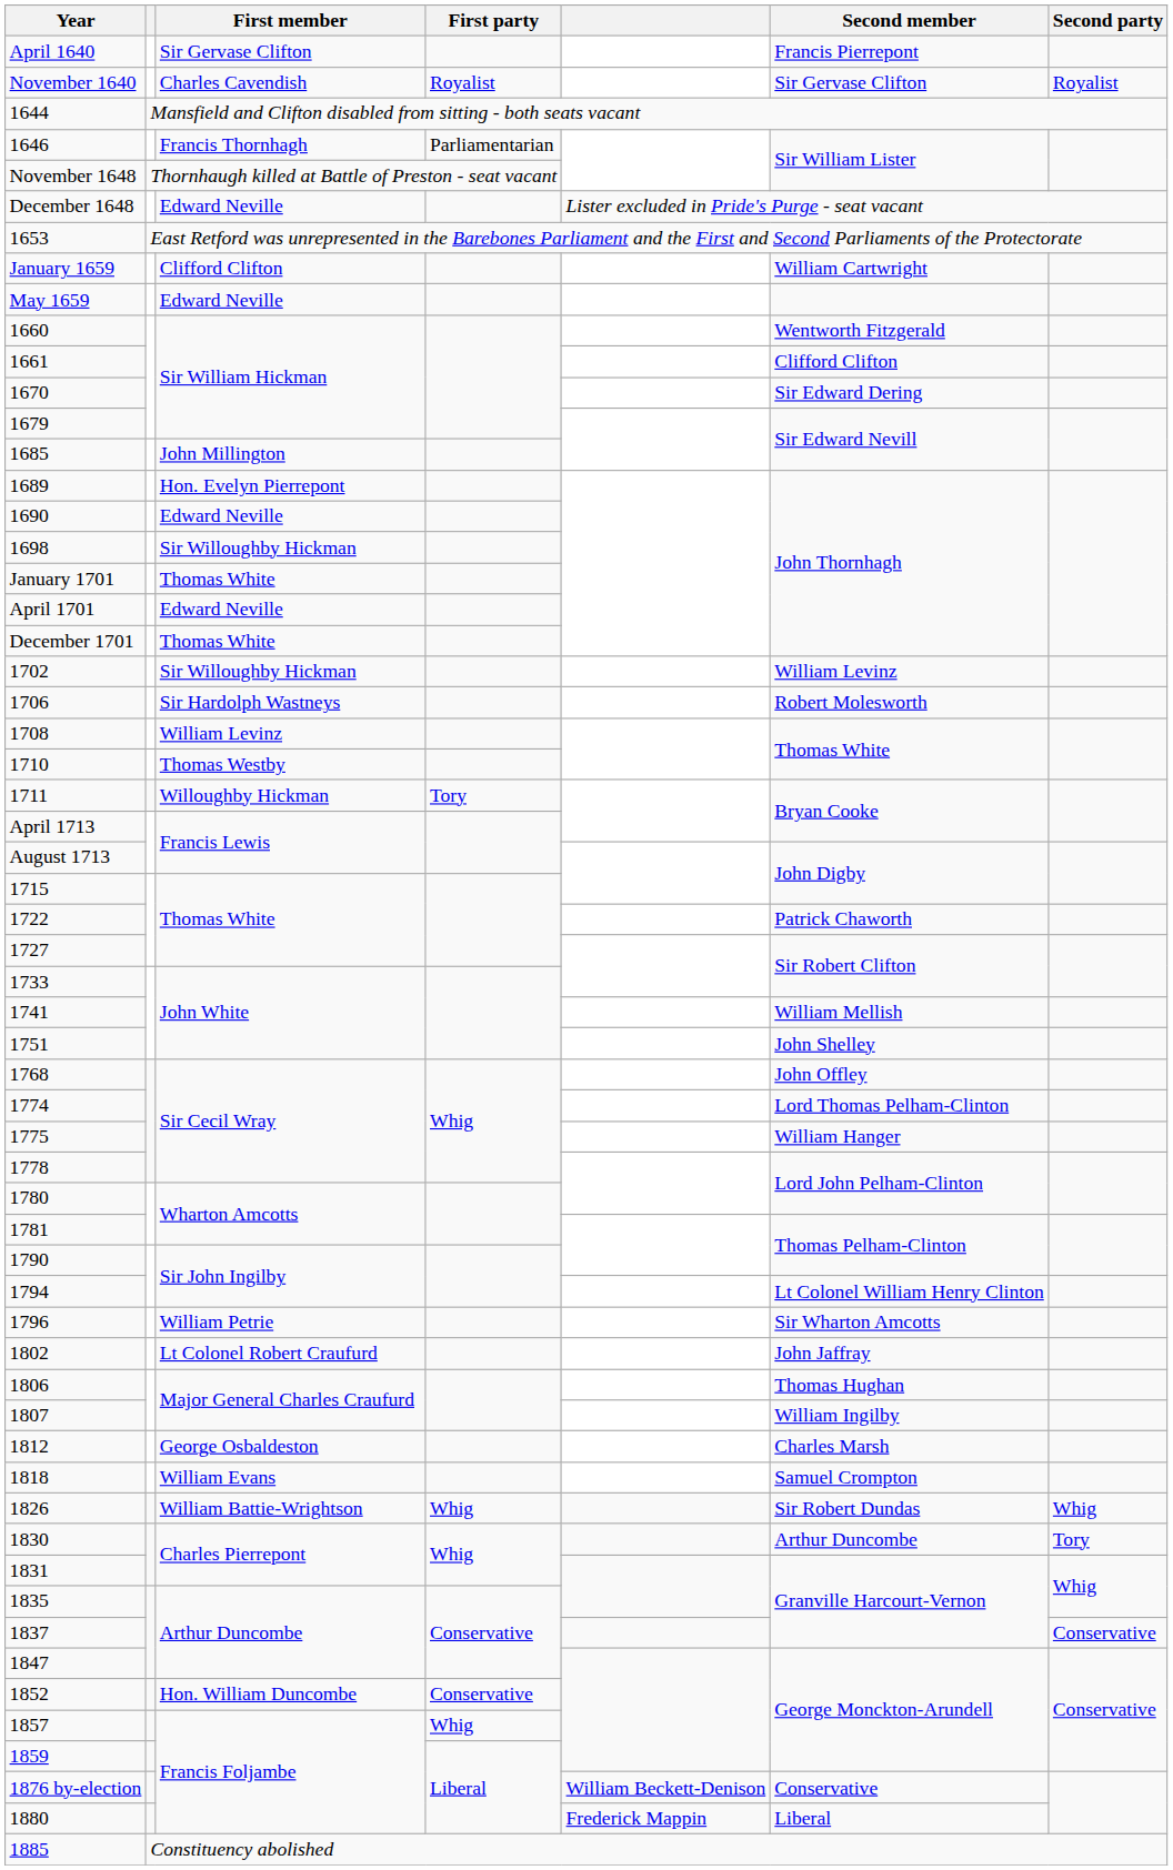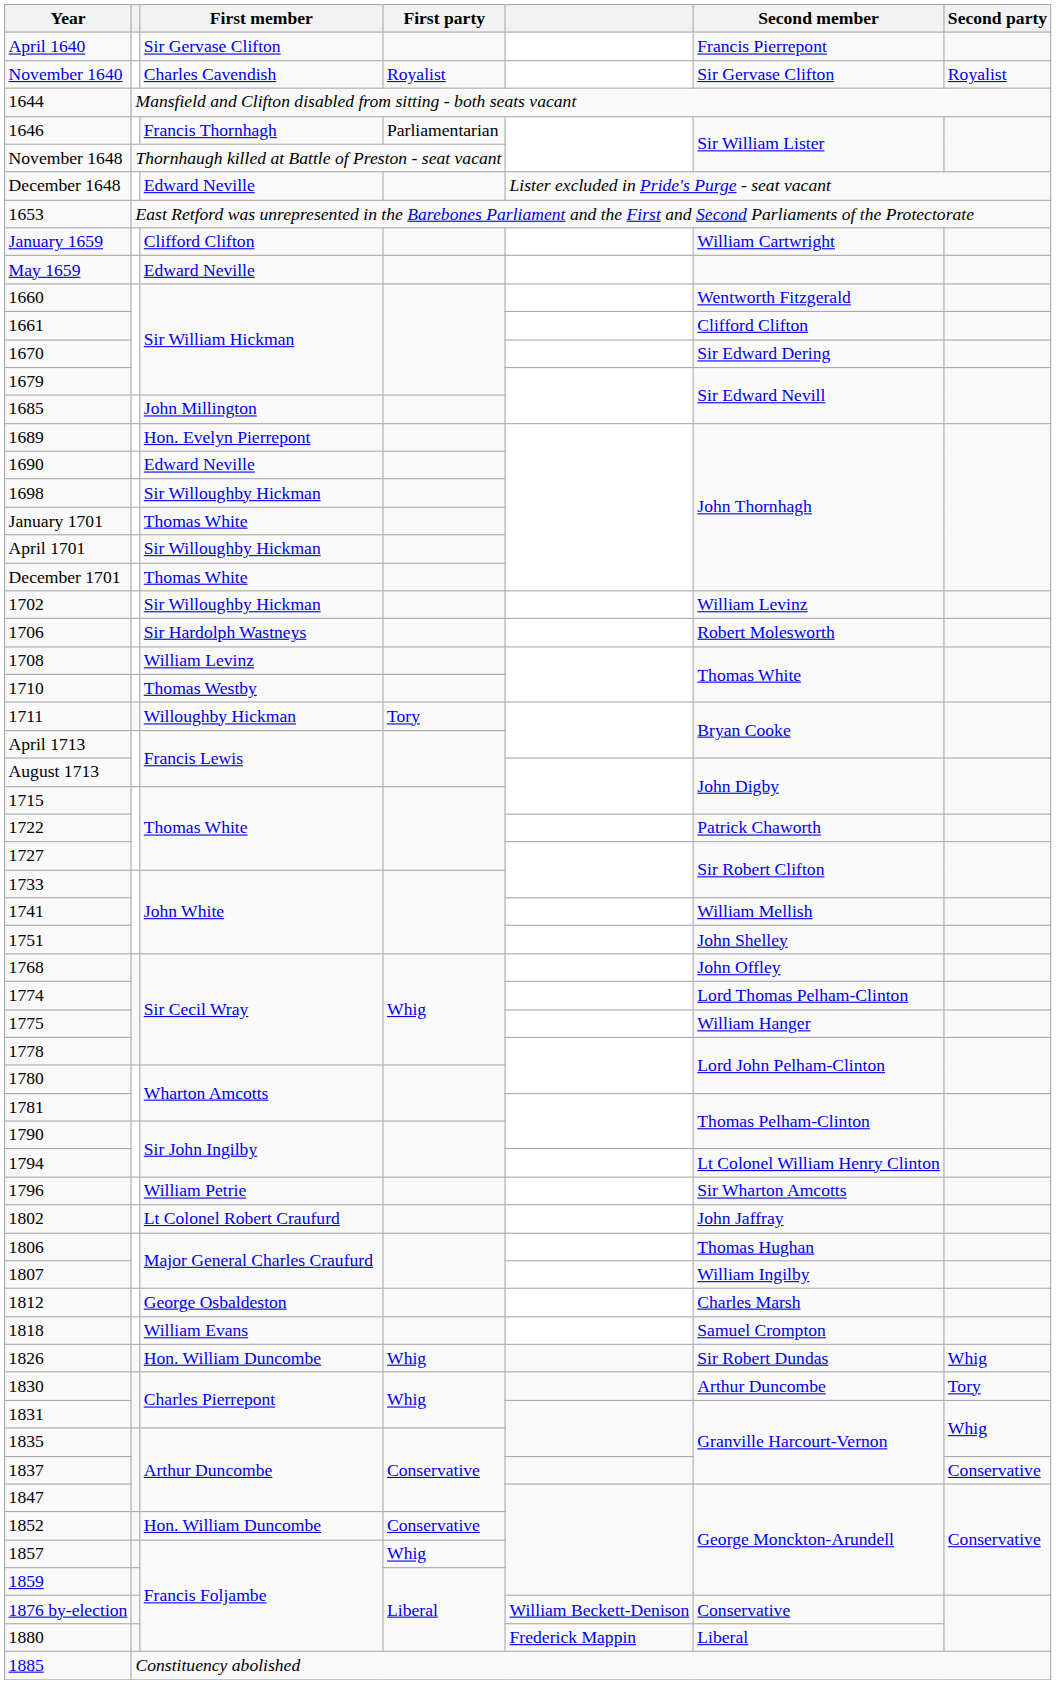 <table class="wikitable">
 <tr>
 <th>Year</th>
 <th></th>
 <th>First member</th>
 <th>First party</th>
 <th></th>
 <th>Second member</th>
 <th>Second party</th>
 </tr>
 <tr>
 <td><a href='#'>April 1640</a></td>
 <td style="color:inherit;background-color: white"></td>
 <td><a href='#'>Sir Gervase Clifton</a></td>
 <td></td>
 <td style="color:inherit;background-color: white"></td>
 <td><a href='#'>Francis Pierrepont</a></td>
 <td></td>
 </tr>
 <tr>
 <td><a href='#'>November 1640</a></td>
 <td style="color:inherit;background-color: white"></td>
 <td><a href='#'>Charles Cavendish</a></td>
 <td><a href='#'>Royalist</a></td>
 <td style="color:inherit;background-color: white"></td>
 <td><a href='#'>Sir Gervase Clifton</a></td>
 <td><a href='#'>Royalist</a></td>
 </tr>
 <tr>
 <td>1644</td>
 <td colspan="6"><em>Mansfield and Clifton disabled from sitting - both seats vacant</em></td>
 </tr>
 <tr>
 <td>1646</td>
 <td style="color:inherit;background-color: white"></td>
 <td><a href='#'>Francis Thornhagh</a></td>
 <td>Parliamentarian</td>
 <td rowspan="2" style="color:inherit;background-color: white"></td>
 <td rowspan="2"><a href='#'>Sir William Lister</a></td>
 <td rowspan="2"></td>
 </tr>
 <tr>
 <td>November 1648</td>
 <td colspan="3"><em>Thornhaugh killed at Battle of Preston - seat vacant</em></td>
 </tr>
 <tr>
 <td>December 1648</td>
 <td style="color:inherit;background-color: white"></td>
 <td><a href='#'>Edward Neville</a></td>
 <td></td>
 <td colspan="3"><em>Lister excluded in <a href='#'>Pride's Purge</a> - seat vacant</em></td>
 </tr>
 <tr>
 <td>1653</td>
 <td colspan="6"><em>East Retford was unrepresented in the <a href='#'>Barebones Parliament</a> and the <a href='#'>First</a> and <a href='#'>Second</a> Parliaments of the Protectorate</em></td>
 </tr>
 <tr>
 <td><a href='#'>January 1659</a></td>
 <td style="color:inherit;background-color: white"></td>
 <td><a href='#'>Clifford Clifton</a></td>
 <td></td>
 <td style="color:inherit;background-color: white"></td>
 <td><a href='#'>William Cartwright</a></td>
 <td></td>
 </tr>
 <tr>
 <td><a href='#'>May 1659</a></td>
 <td style="color:inherit;background-color: white"></td>
 <td><a href='#'>Edward Neville</a></td>
 <td></td>
 <td style="color:inherit;background-color: white"></td>
 <td></td>
 <td></td>
 </tr>
 <tr>
 <td>1660</td>
 <td rowspan="4" style="color:inherit;background-color: white"></td>
 <td rowspan="4"><a href='#'>Sir William Hickman</a></td>
 <td rowspan="4"></td>
 <td style="color:inherit;background-color: white"></td>
 <td><a href='#'>Wentworth Fitzgerald</a></td>
 <td></td>
 </tr>
 <tr>
 <td>1661</td>
 <td style="color:inherit;background-color: white"></td>
 <td><a href='#'>Clifford Clifton</a></td>
 <td></td>
 </tr>
 <tr>
 <td>1670</td>
 <td style="color:inherit;background-color: white"></td>
 <td><a href='#'>Sir Edward Dering</a></td>
 <td></td>
 </tr>
 <tr>
 <td>1679</td>
 <td rowspan="2"  style="color:inherit;background-color: white"></td>
 <td rowspan="2"><a href='#'>Sir Edward Nevill</a></td>
 <td rowspan="2"></td>
 </tr>
 <tr>
 <td>1685</td>
 <td style="color:inherit;background-color: white"></td>
 <td><a href='#'>John Millington</a></td>
 <td></td>
 </tr>
 <tr>
 <td>1689</td>
 <td style="color:inherit;background-color: white"></td>
 <td><a href='#'>Hon. Evelyn Pierrepont</a></td>
 <td></td>
 <td rowspan="6" style="color:inherit;background-color: white"></td>
 <td rowspan="6"><a href='#'>John Thornhagh</a></td>
 <td rowspan="6"></td>
 </tr>
 <tr>
 <td>1690</td>
 <td style="color:inherit;background-color: white"></td>
 <td><a href='#'>Edward Neville</a></td>
 <td></td>
 </tr>
 <tr>
 <td>1698</td>
 <td style="color:inherit;background-color: white"></td>
 <td><a href='#'>Sir Willoughby Hickman</a></td>
 <td></td>
 </tr>
 <tr>
 <td>January 1701</td>
 <td style="color:inherit;background-color: white"></td>
 <td><a href='#'>Thomas White</a></td>
 <td></td>
 </tr>
 <tr>
 <td>April 1701</td>
 <td style="color:inherit;background-color: white"></td>
-<td><a href='#'>Edward Neville</a></td>
+<td><a href='#'>Sir Willoughby Hickman</a></td>
 <td></td>
 </tr>
 <tr>
 <td>December 1701</td>
 <td style="color:inherit;background-color: white"></td>
 <td><a href='#'>Thomas White</a></td>
 <td></td>
 </tr>
 <tr>
 <td>1702</td>
 <td style="color:inherit;background-color: white"></td>
 <td><a href='#'>Sir Willoughby Hickman</a></td>
 <td></td>
 <td style="color:inherit;background-color: white"></td>
 <td><a href='#'>William Levinz</a></td>
 <td></td>
 </tr>
 <tr>
 <td>1706</td>
 <td style="color:inherit;background-color: white"></td>
 <td><a href='#'>Sir Hardolph Wastneys</a></td>
 <td></td>
 <td style="color:inherit;background-color: white"></td>
 <td><a href='#'>Robert Molesworth</a></td>
 <td></td>
 </tr>
 <tr>
 <td>1708</td>
 <td style="color:inherit;background-color: white"></td>
 <td><a href='#'>William Levinz</a></td>
 <td></td>
 <td rowspan="2" style="color:inherit;background-color: white"></td>
 <td rowspan="2"><a href='#'>Thomas White</a></td>
 <td rowspan="2"></td>
 </tr>
 <tr>
 <td>1710 </td>
 <td style="color:inherit;background-color: white"></td>
 <td><a href='#'>Thomas Westby</a></td>
 <td></td>
 </tr>
 <tr>
 <td>1711</td>
 <td style="color:inherit;background-color: "></td>
 <td><a href='#'>Willoughby Hickman</a></td>
 <td><a href='#'>Tory</a></td>
 <td rowspan="2" style="color:inherit;background-color: white"></td>
 <td rowspan="2"><a href='#'>Bryan Cooke</a></td>
 <td rowspan="2"></td>
 </tr>
 <tr>
 <td>April 1713</td>
 <td rowspan="2" style="color:inherit;background-color: white"></td>
 <td rowspan="2"><a href='#'>Francis Lewis</a></td>
 <td rowspan="2"></td>
 </tr>
 <tr>
 <td>August 1713</td>
 <td rowspan="2" style="color:inherit;background-color: white"></td>
 <td rowspan="2"><a href='#'>John Digby</a></td>
 <td rowspan="2"></td>
 </tr>
 <tr>
 <td>1715</td>
 <td rowspan="3" style="color:inherit;background-color: white"></td>
 <td rowspan="3"><a href='#'>Thomas White</a></td>
 <td rowspan="3"></td>
 </tr>
 <tr>
 <td>1722</td>
 <td style="color:inherit;background-color: white"></td>
 <td><a href='#'>Patrick Chaworth</a></td>
 <td></td>
 </tr>
 <tr>
 <td>1727</td>
 <td rowspan="2" style="color:inherit;background-color: white"></td>
 <td rowspan="2"><a href='#'>Sir Robert Clifton</a></td>
 <td rowspan="2"></td>
 </tr>
 <tr>
 <td>1733</td>
 <td rowspan="3" style="color:inherit;background-color: white"></td>
 <td rowspan="3"><a href='#'>John White</a></td>
 <td rowspan="3"></td>
 </tr>
 <tr>
 <td>1741</td>
 <td style="color:inherit;background-color: white"></td>
 <td><a href='#'>William Mellish</a></td>
 <td></td>
 </tr>
 <tr>
 <td>1751</td>
 <td style="color:inherit;background-color: white"></td>
 <td><a href='#'>John Shelley</a></td>
 <td></td>
 </tr>
 <tr>
 <td>1768</td>
 <td rowspan="4" style="color:inherit;background-color: "></td>
 <td rowspan="4"><a href='#'>Sir Cecil Wray</a></td>
 <td rowspan="4"><a href='#'>Whig</a></td>
 <td style="color:inherit;background-color: white"></td>
 <td><a href='#'>John Offley</a></td>
 <td></td>
 </tr>
 <tr>
 <td>1774</td>
 <td style="color:inherit;background-color: white"></td>
 <td><a href='#'>Lord Thomas Pelham-Clinton</a></td>
 <td></td>
 </tr>
 <tr>
 <td>1775</td>
 <td style="color:inherit;background-color: white"></td>
 <td><a href='#'>William Hanger</a></td>
 <td></td>
 </tr>
 <tr>
 <td>1778</td>
 <td rowspan="2" style="color:inherit;background-color: white"></td>
 <td rowspan="2"><a href='#'>Lord John Pelham-Clinton</a></td>
 <td rowspan="2"></td>
 </tr>
 <tr>
 <td>1780</td>
 <td rowspan="2" style="color:inherit;background-color: white"></td>
 <td rowspan="2"><a href='#'>Wharton Amcotts</a></td>
 <td rowspan="2"></td>
 </tr>
 <tr>
 <td>1781</td>
 <td rowspan="2" style="color:inherit;background-color: white"></td>
 <td rowspan="2"><a href='#'>Thomas Pelham-Clinton</a></td>
 <td rowspan="2"></td>
 </tr>
 <tr>
 <td>1790</td>
 <td rowspan="2" style="color:inherit;background-color: white"></td>
 <td rowspan="2"><a href='#'>Sir John Ingilby</a></td>
 <td rowspan="2"></td>
 </tr>
 <tr>
 <td>1794</td>
 <td style="color:inherit;background-color: white"></td>
 <td><a href='#'>Lt Colonel William Henry Clinton</a></td>
 <td></td>
 </tr>
 <tr>
 <td>1796</td>
 <td style="color:inherit;background-color: white"></td>
 <td><a href='#'>William Petrie</a></td>
 <td></td>
 <td style="color:inherit;background-color: white"></td>
 <td><a href='#'>Sir Wharton Amcotts</a></td>
 <td></td>
 </tr>
 <tr>
 <td>1802</td>
 <td style="color:inherit;background-color: white"></td>
 <td><a href='#'>Lt Colonel Robert Craufurd</a></td>
 <td></td>
 <td style="color:inherit;background-color: white"></td>
 <td><a href='#'>John Jaffray</a></td>
 <td></td>
 </tr>
 <tr>
 <td>1806</td>
 <td rowspan="2" style="color:inherit;background-color: white"></td>
 <td rowspan="2"><a href='#'>Major General Charles Craufurd</a></td>
 <td rowspan="2"></td>
 <td style="color:inherit;background-color: white"></td>
 <td><a href='#'>Thomas Hughan</a></td>
 <td></td>
 </tr>
 <tr>
 <td>1807</td>
 <td style="color:inherit;background-color: white"></td>
 <td><a href='#'>William Ingilby</a></td>
 <td></td>
 </tr>
 <tr>
 <td>1812</td>
 <td style="color:inherit;background-color: white"></td>
 <td><a href='#'>George Osbaldeston</a></td>
 <td></td>
 <td style="color:inherit;background-color: white"></td>
 <td><a href='#'>Charles Marsh</a></td>
 <td></td>
 </tr>
 <tr>
 <td>1818</td>
 <td style="color:inherit;background-color: white"></td>
 <td><a href='#'>William Evans</a></td>
 <td></td>
 <td style="color:inherit;background-color: white"></td>
 <td><a href='#'>Samuel Crompton</a></td>
 <td></td>
 </tr>
 <tr>
 <td>1826 </td>
 <td style="color:inherit;background-color: "></td>
-<td><a href='#'>William Battie-Wrightson</a></td>
+<td><a href='#'>Hon. William Duncombe</a></td>
 <td><a href='#'>Whig</a></td>
 <td style="color:inherit;background-color: "></td>
 <td><a href='#'>Sir Robert Dundas</a></td>
 <td><a href='#'>Whig</a></td>
 </tr>
 <tr>
 <td>1830</td>
 <td rowspan="2" style="color:inherit;background-color: "></td>
 <td rowspan="2"><a href='#'>Charles Pierrepont</a></td>
 <td rowspan="2"><a href='#'>Whig</a></td>
 <td style="color:inherit;background-color: "></td>
 <td><a href='#'>Arthur Duncombe</a></td>
 <td><a href='#'>Tory</a></td>
 </tr>
 <tr>
 <td>1831</td>
 <td rowspan="2" style="color:inherit;background-color: "></td>
 <td rowspan="3"><a href='#'>Granville Harcourt-Vernon</a></td>
 <td rowspan="2"><a href='#'>Whig</a></td>
 </tr>
 <tr>
 <td>1835</td>
 <td rowspan="3" style="color:inherit;background-color: "></td>
 <td rowspan="3"><a href='#'>Arthur Duncombe</a></td>
 <td rowspan="3"><a href='#'>Conservative</a></td>
 </tr>
 <tr>
 <td>1837</td>
 <td style="color:inherit;background-color: "></td>
 <td><a href='#'>Conservative</a></td>
 </tr>
 <tr>
 <td>1847</td>
 <td rowspan="4" style="color:inherit;background-color: "></td>
 <td rowspan="4"><a href='#'>George Monckton-Arundell</a></td>
 <td rowspan="4"><a href='#'>Conservative</a></td>
 </tr>
 <tr>
 <td>1852</td>
 <td style="color:inherit;background-color: "></td>
 <td><a href='#'>Hon. William Duncombe</a></td>
 <td><a href='#'>Conservative</a></td>
 </tr>
 <tr>
 <td>1857</td>
 <td style="color:inherit;background-color: "></td>
 <td rowspan="4"><a href='#'>Francis Foljambe</a></td>
 <td><a href='#'>Whig</a></td>
 </tr>
 <tr>
 <td><a href='#'>1859</a></td>
 <td style="color:inherit;background-color: "></td>
 <td rowspan="3"><a href='#'>Liberal</a></td>
 </tr>
 <tr>
 <td><a href='#'>1876 by-election</a></td>
 <td style="color:inherit;background-color: "></td>
 <td><a href='#'>William Beckett-Denison</a></td>
 <td><a href='#'>Conservative</a></td>
 </tr>
 <tr>
 <td>1880</td>
 <td style="color:inherit;background-color: "></td>
 <td><a href='#'>Frederick Mappin</a></td>
 <td><a href='#'>Liberal</a></td>
 </tr>
 <tr>
 <td><a href='#'>1885</a></td>
 <td colspan="6"><em>Constituency abolished</em></td>
 </tr>
 </table>
